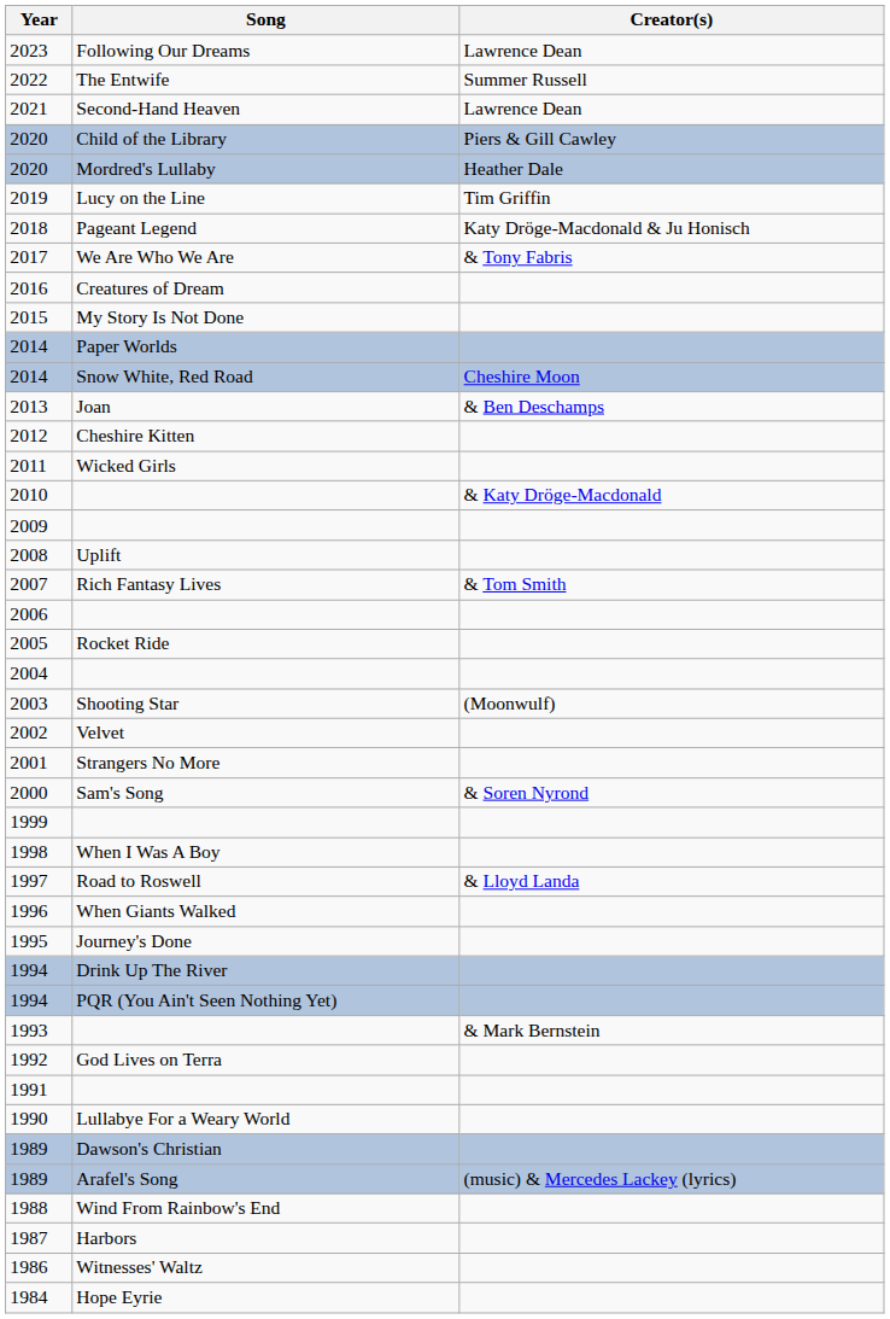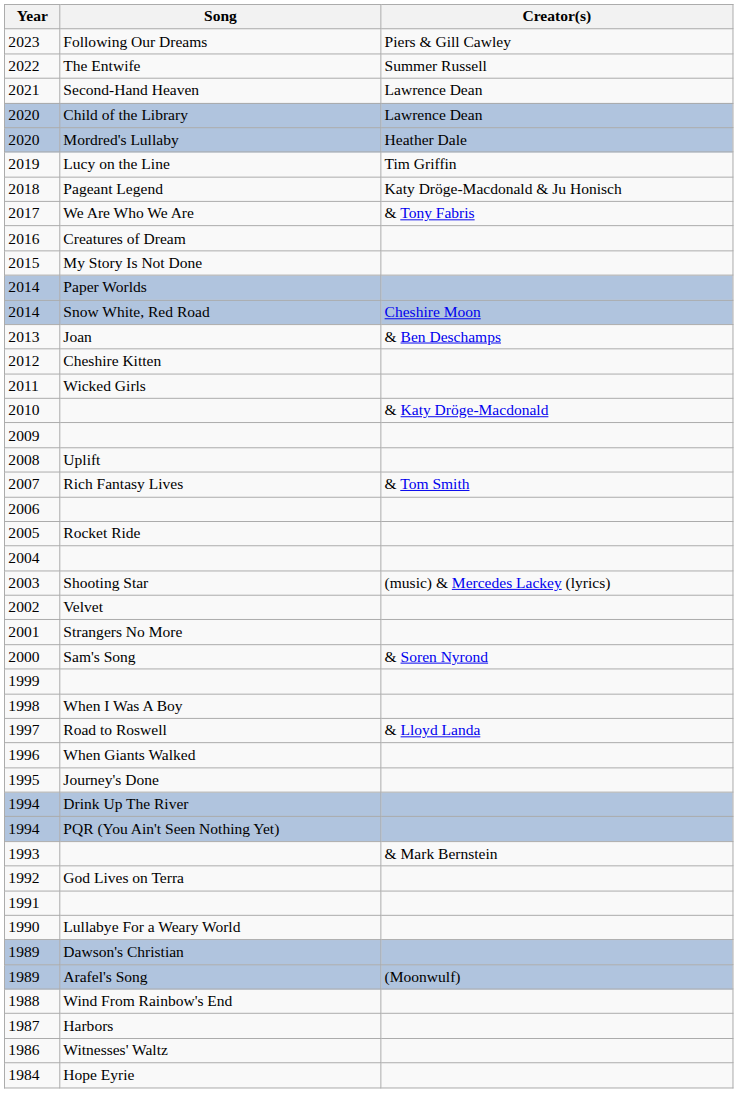 <table class="sortable wikitable" width="85%" cellpadding="5" style="margin: 1em auto 1em auto">
 <tr>
 <th>Year</th>
 <th>Song</th>
 <th>Creator(s)</th>
 </tr>
 <tr>
 <td>2023</td>
 <td>Following Our Dreams </td>
-<td>Lawrence Dean</td>
+<td>Piers & Gill Cawley</td>
 </tr>
 <tr>
 <td>2022</td>
 <td>The Entwife </td>
 <td>Summer Russell</td>
 </tr>
 <tr>
 <td>2021</td>
 <td>Second-Hand Heaven </td>
 <td>Lawrence Dean</td>
 </tr>
 <tr style="background:#B0C4DE;">
 <td>2020</td>
 <td>Child of the Library </td>
-<td>Piers & Gill Cawley</td>
+<td>Lawrence Dean</td>
 </tr>
 <tr style="background:#B0C4DE;">
 <td>2020</td>
 <td>Mordred's Lullaby </td>
 <td>Heather Dale</td>
 </tr>
 <tr>
 <td>2019</td>
 <td>Lucy on the Line </td>
 <td>Tim Griffin</td>
 </tr>
 <tr>
 <td>2018</td>
 <td>Pageant Legend </td>
 <td>Katy Dröge-Macdonald & Ju Honisch</td>
 </tr>
 <tr>
 <td>2017</td>
 <td>We Are Who We Are </td>
 <td> &  <a href='#'>Tony Fabris</a></td>
 </tr>
 <tr>
 <td>2016</td>
 <td>Creatures of Dream </td>
 <td></td>
 </tr>
 <tr>
 <td>2015</td>
 <td>My Story Is Not Done  </td>
 <td></td>
 </tr>
 <tr style="background:#B0C4DE;">
 <td>2014</td>
 <td>Paper Worlds</td>
 <td> </td>
 </tr>
 <tr style="background:#B0C4DE;">
 <td>2014</td>
 <td>Snow White, Red Road </td>
 <td><a href='#'>Cheshire Moon</a></td>
 </tr>
 <tr>
 <td>2013</td>
 <td>Joan</td>
 <td> & <a href='#'>Ben Deschamps</a></td>
 </tr>
 <tr>
 <td>2012</td>
 <td>Cheshire Kitten</td>
 <td></td>
 </tr>
 <tr>
 <td>2011</td>
 <td>Wicked Girls</td>
 <td></td>
 </tr>
 <tr>
 <td>2010</td>
 <td></td>
 <td> & <a href='#'>Katy Dröge-Macdonald</a></td>
 </tr>
 <tr>
 <td>2009</td>
 <td></td>
 <td></td>
 </tr>
 <tr>
 <td>2008</td>
 <td>Uplift</td>
 <td></td>
 </tr>
 <tr>
 <td>2007</td>
 <td>Rich Fantasy Lives</td>
 <td> & <a href='#'>Tom Smith</a></td>
 </tr>
 <tr>
 <td>2006</td>
 <td></td>
 <td></td>
 </tr>
 <tr>
 <td>2005</td>
 <td>Rocket Ride</td>
 <td></td>
 </tr>
 <tr>
 <td>2004</td>
 <td></td>
 <td></td>
 </tr>
 <tr>
 <td>2003</td>
 <td>Shooting Star</td>
-<td> (Moonwulf)</td>
+<td> (music) & <a href='#'>Mercedes Lackey</a> (lyrics)</td>
 </tr>
 <tr>
 <td>2002</td>
 <td>Velvet</td>
 <td></td>
 </tr>
 <tr>
 <td>2001</td>
 <td>Strangers No More</td>
 <td></td>
 </tr>
 <tr>
 <td>2000</td>
 <td>Sam's Song</td>
 <td> & <a href='#'>Soren Nyrond</a></td>
 </tr>
 <tr>
 <td>1999</td>
 <td></td>
 <td></td>
 </tr>
 <tr>
 <td>1998</td>
 <td>When I Was A Boy</td>
 <td></td>
 </tr>
 <tr>
 <td>1997</td>
 <td>Road to Roswell</td>
 <td> & <a href='#'>Lloyd Landa</a></td>
 </tr>
 <tr>
 <td>1996</td>
 <td>When Giants Walked</td>
 <td></td>
 </tr>
 <tr>
 <td>1995</td>
 <td>Journey's Done</td>
 <td></td>
 </tr>
 <tr style="background:#B0C4DE;">
 <td>1994</td>
 <td>Drink Up The River</td>
 <td></td>
 </tr>
 <tr style="background:#B0C4DE;">
 <td>1994</td>
 <td>PQR (You Ain't Seen Nothing Yet)</td>
 <td></td>
 </tr>
 <tr>
 <td>1993</td>
 <td></td>
 <td> & Mark Bernstein</td>
 </tr>
 <tr>
 <td>1992</td>
 <td>God Lives on Terra</td>
 <td></td>
 </tr>
 <tr>
 <td>1991</td>
 <td></td>
 <td></td>
 </tr>
 <tr>
 <td>1990</td>
 <td>Lullabye For a Weary World</td>
 <td></td>
 </tr>
 <tr style="background:#B0C4DE;">
 <td>1989</td>
 <td>Dawson's Christian</td>
 <td></td>
 </tr>
 <tr style="background:#B0C4DE;">
 <td>1989</td>
 <td>Arafel's Song</td>
-<td> (music) & <a href='#'>Mercedes Lackey</a> (lyrics)</td>
+<td> (Moonwulf)</td>
 </tr>
 <tr>
 <td>1988</td>
 <td>Wind From Rainbow's End</td>
 <td></td>
 </tr>
 <tr>
 <td>1987</td>
 <td>Harbors</td>
 <td></td>
 </tr>
 <tr>
 <td>1986</td>
 <td>Witnesses' Waltz</td>
 <td></td>
 </tr>
 <tr>
 <td>1984</td>
 <td>Hope Eyrie</td>
 <td></td>
 </tr>
 </table>
